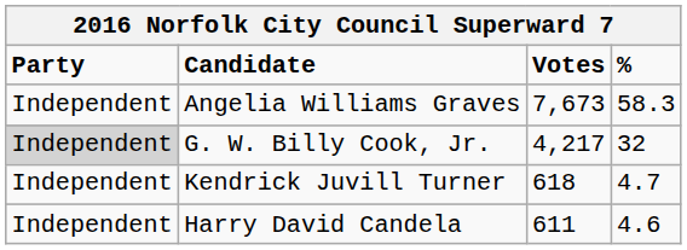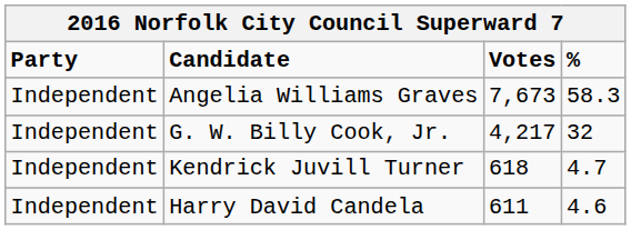 <table class="wikitable">
 <tr>
 <th colspan="4">2016 Norfolk City Council Superward 7</th>
 </tr>
 <tr>
 <td><strong>Party</strong></td>
 <td><strong>Candidate</strong></td>
 <td><strong>Votes</strong></td>
 <td><strong>%</strong></td>
 </tr>
 <tr>
 <td>Independent</td>
 <td>Angelia Williams Graves</td>
 <td>7,673</td>
 <td>58.3</td>
 </tr>
 <tr>
-<td style="background: lightgrey;">Independent</td>
+<td>Independent</td>
 <td>G. W. Billy Cook, Jr.</td>
 <td>4,217</td>
 <td>32</td>
 </tr>
 <tr>
 <td>Independent</td>
 <td>Kendrick Juvill Turner</td>
 <td>618</td>
 <td>4.7</td>
 </tr>
 <tr>
 <td>Independent</td>
 <td>Harry David Candela</td>
 <td>611</td>
 <td>4.6</td>
 </tr>
 </table>
